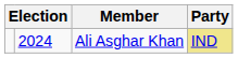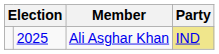 <table class="wikitable">
 <tr>
 <th colspan="2">Election</th>
 <th>Member</th>
 <th>Party</th>
 </tr>
 <tr>
 <td style="background-color: "></td>
-<td><a href='#'>2024</a></td>
+<td><a href='#'>2025</a></td>
 <td><a href='#'>Ali Asghar Khan</a></td>
 <td style="background: khaki;"><a href='#'>IND</a></td>
 </tr>
 </table>
